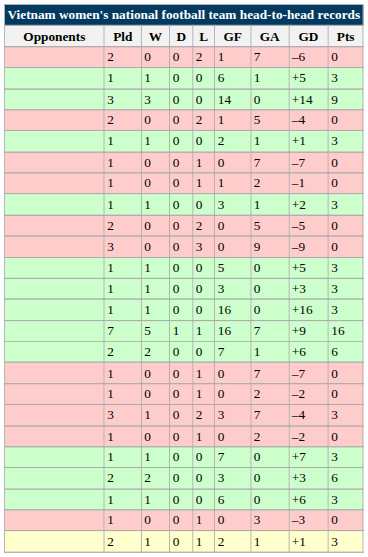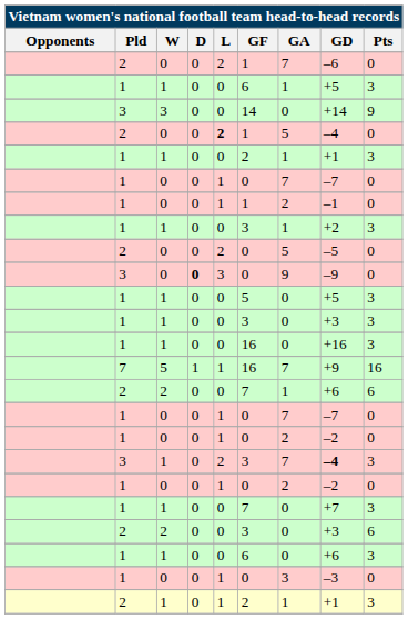 <table class="wikitable" style="text-align:left;">
 <tr>
 <th colspan=10 style="background: #013A5E; color: #FFFFFF;">Vietnam women's national football team head-to-head records</th>
 </tr>
 <tr>
 <th align=left>Opponents</th>
 <th>Pld</th>
 <th>W</th>
 <th>D</th>
 <th>L</th>
 <th>GF</th>
 <th>GA</th>
 <th>GD</th>
 <th>Pts</th>
 </tr>
 <tr>
 </tr>
 <tr bgcolor=#FFCCCC>
 <td align=left></td>
 <td>2</td>
 <td>0</td>
 <td>0</td>
 <td>2</td>
 <td>1</td>
 <td>7</td>
 <td>–6</td>
 <td>0</td>
 </tr>
 <tr>
 </tr>
 <tr bgcolor=#CCFFCC>
 <td align=left></td>
 <td>1</td>
 <td>1</td>
 <td>0</td>
 <td>0</td>
 <td>6</td>
 <td>1</td>
 <td>+5</td>
 <td>3</td>
 </tr>
 <tr>
 </tr>
 <tr bgcolor=#CCFFCC>
 <td align=left></td>
 <td>3</td>
 <td>3</td>
 <td>0</td>
 <td>0</td>
 <td>14</td>
 <td>0</td>
 <td>+14</td>
 <td>9</td>
 </tr>
 <tr>
 </tr>
 <tr bgcolor=#FFCCCC>
 <td align=left></td>
 <td>2</td>
 <td>0</td>
 <td>0</td>
-<td>2</td>
+<td><strong>2</strong></td>
 <td>1</td>
 <td>5</td>
 <td>–4</td>
 <td>0</td>
 </tr>
 <tr>
 </tr>
 <tr bgcolor=#CCFFCC>
 <td align=left></td>
 <td>1</td>
 <td>1</td>
 <td>0</td>
 <td>0</td>
 <td>2</td>
 <td>1</td>
 <td>+1</td>
 <td>3</td>
 </tr>
 <tr>
 </tr>
 <tr bgcolor=#FFCCCC>
 <td align=left></td>
 <td>1</td>
 <td>0</td>
 <td>0</td>
 <td>1</td>
 <td>0</td>
 <td>7</td>
 <td>–7</td>
 <td>0</td>
 </tr>
 <tr>
 </tr>
 <tr bgcolor=FFCCCC>
 <td align=left></td>
 <td>1</td>
 <td>0</td>
 <td>0</td>
 <td>1</td>
 <td>1</td>
 <td>2</td>
 <td>–1</td>
 <td>0</td>
 </tr>
 <tr>
 </tr>
 <tr bgcolor=CCFFCC>
 <td align=left></td>
 <td>1</td>
 <td>1</td>
 <td>0</td>
 <td>0</td>
 <td>3</td>
 <td>1</td>
 <td>+2</td>
 <td>3</td>
 </tr>
 <tr>
 </tr>
 <tr bgcolor=#FFCCCC>
 <td align=left></td>
 <td>2</td>
 <td>0</td>
 <td>0</td>
 <td>2</td>
 <td>0</td>
 <td>5</td>
 <td>–5</td>
 <td>0</td>
 </tr>
 <tr>
 </tr>
 <tr bgcolor=#FFCCCC>
 <td align=left></td>
 <td>3</td>
 <td>0</td>
-<td>0</td>
+<td><strong>0</strong></td>
 <td>3</td>
 <td>0</td>
 <td>9</td>
 <td>–9</td>
 <td>0</td>
 </tr>
 <tr>
 </tr>
 <tr bgcolor=#CCFFCC>
 <td align=left></td>
 <td>1</td>
 <td>1</td>
 <td>0</td>
 <td>0</td>
 <td>5</td>
 <td>0</td>
 <td>+5</td>
 <td>3</td>
 </tr>
 <tr>
 </tr>
 <tr bgcolor=#CCFFCC>
 <td align=left></td>
 <td>1</td>
 <td>1</td>
 <td>0</td>
 <td>0</td>
 <td>3</td>
 <td>0</td>
 <td>+3</td>
 <td>3</td>
 </tr>
 <tr>
 </tr>
 <tr bgcolor=#CCFFCC>
 <td align=left></td>
 <td>1</td>
 <td>1</td>
 <td>0</td>
 <td>0</td>
 <td>16</td>
 <td>0</td>
 <td>+16</td>
 <td>3</td>
 </tr>
 <tr>
 </tr>
 <tr bgcolor=#CCFFCC>
 <td align=left></td>
 <td>7</td>
 <td>5</td>
 <td>1</td>
 <td>1</td>
 <td>16</td>
 <td>7</td>
 <td>+9</td>
 <td>16</td>
 </tr>
 <tr bgcolor=#CCFFCC>
 <td align=left></td>
 <td>2</td>
 <td>2</td>
 <td>0</td>
 <td>0</td>
 <td>7</td>
 <td>1</td>
 <td>+6</td>
 <td>6</td>
 </tr>
 <tr>
 </tr>
 <tr bgcolor=FFCCCC>
 <td align=left></td>
 <td>1</td>
 <td>0</td>
 <td>0</td>
 <td>1</td>
 <td>0</td>
 <td>7</td>
 <td>–7</td>
 <td>0</td>
 </tr>
 <tr>
 </tr>
 <tr bgcolor=FFCCCC>
 <td align=left></td>
 <td>1</td>
 <td>0</td>
 <td>0</td>
 <td>1</td>
 <td>0</td>
 <td>2</td>
 <td>–2</td>
 <td>0</td>
 </tr>
 <tr>
 </tr>
 <tr bgcolor=#FFCCCC>
 <td align=left></td>
 <td>3</td>
 <td>1</td>
 <td>0</td>
 <td>2</td>
 <td>3</td>
 <td>7</td>
-<td>–4</td>
+<td><strong>–4</strong></td>
 <td>3</td>
 </tr>
 <tr>
 </tr>
 <tr bgcolor=FFCCCC>
 <td align=left></td>
 <td>1</td>
 <td>0</td>
 <td>0</td>
 <td>1</td>
 <td>0</td>
 <td>2</td>
 <td>–2</td>
 <td>0</td>
 </tr>
 <tr>
 </tr>
 <tr bgcolor=#CCFFCC>
 <td align=left></td>
 <td>1</td>
 <td>1</td>
 <td>0</td>
 <td>0</td>
 <td>7</td>
 <td>0</td>
 <td>+7</td>
 <td>3</td>
 </tr>
 <tr>
 </tr>
 <tr bgcolor=#CCFFCC>
 <td align=left></td>
 <td>2</td>
 <td>2</td>
 <td>0</td>
 <td>0</td>
 <td>3</td>
 <td>0</td>
 <td>+3</td>
 <td>6</td>
 </tr>
 <tr>
 </tr>
 <tr bgcolor=#CCFFCC>
 <td align=left></td>
 <td>1</td>
 <td>1</td>
 <td>0</td>
 <td>0</td>
 <td>6</td>
 <td>0</td>
 <td>+6</td>
 <td>3</td>
 </tr>
 <tr>
 </tr>
 <tr bgcolor=#FFCCCC>
 <td align=left></td>
 <td>1</td>
 <td>0</td>
 <td>0</td>
 <td>1</td>
 <td>0</td>
 <td>3</td>
 <td>–3</td>
 <td>0</td>
 </tr>
 <tr>
 </tr>
 <tr bgcolor=#FFFFCC>
 <td align=left></td>
 <td>2</td>
 <td>1</td>
 <td>0</td>
 <td>1</td>
 <td>2</td>
 <td>1</td>
 <td>+1</td>
 <td>3</td>
 </tr>
 <tr>
 </tr>
 </table>
